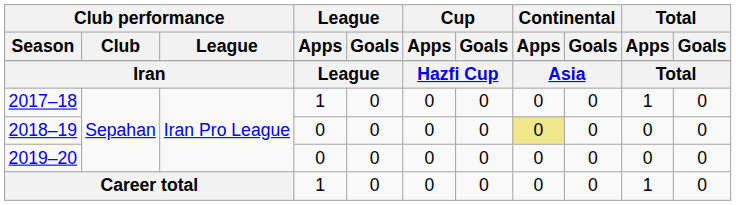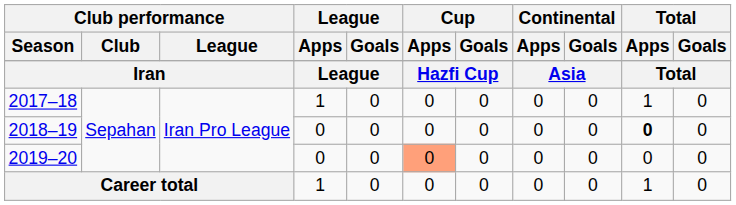 <table class="wikitable" style="text-align:center">
 <tr>
 <th colspan=3>Club performance</th>
 <th colspan=2>League</th>
 <th colspan=2>Cup</th>
 <th colspan=2>Continental</th>
 <th colspan=2>Total</th>
 </tr>
 <tr>
 <th>Season</th>
 <th>Club</th>
 <th>League</th>
 <th>Apps</th>
 <th>Goals</th>
 <th>Apps</th>
 <th>Goals</th>
 <th>Apps</th>
 <th>Goals</th>
 <th>Apps</th>
 <th>Goals</th>
 </tr>
 <tr>
 </tr>
 <tr>
 <th colspan=3>Iran</th>
 <th colspan=2>League</th>
 <th colspan=2><a href='#'>Hazfi Cup</a></th>
 <th colspan=2><a href='#'>Asia</a></th>
 <th colspan=2>Total</th>
 </tr>
 <tr>
 <td><a href='#'>2017–18</a></td>
 <td rowspan="3"><a href='#'>Sepahan</a></td>
 <td rowspan="3"><a href='#'>Iran Pro League</a></td>
 <td>1</td>
 <td>0</td>
 <td>0</td>
 <td>0</td>
 <td>0</td>
 <td>0</td>
 <td>1</td>
 <td>0</td>
 </tr>
 <tr>
 <td><a href='#'>2018–19</a></td>
 <td>0</td>
 <td>0</td>
 <td>0</td>
 <td>0</td>
-<td style="background: khaki;">0</td>
 <td>0</td>
 <td>0</td>
+<td><strong>0</strong></td>
 <td>0</td>
 </tr>
 <tr>
 <td><a href='#'>2019–20</a></td>
 <td>0</td>
 <td>0</td>
-<td>0</td>
+<td style="background: lightsalmon;">0</td>
 <td>0</td>
 <td>0</td>
 <td>0</td>
 <td>0</td>
 <td>0</td>
 </tr>
 <tr>
 <th colspan=3>Career total</th>
 <td>1</td>
 <td>0</td>
 <td>0</td>
 <td>0</td>
 <td>0</td>
 <td>0</td>
 <td>1</td>
 <td>0</td>
 </tr>
 </table>
